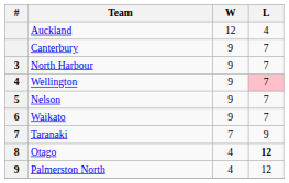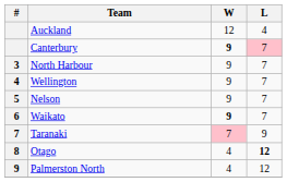 <table class="wikitable" width="32%" style="font-size:95%; text-align:center">
 <tr>
 <th>#</th>
 <th>Team</th>
 <th>W</th>
 <th>L</th>
 </tr>
 <tr>
 <th></th>
 <td align=left><a href='#'>Auckland</a></td>
 <td>12</td>
 <td>4</td>
 </tr>
 <tr>
 <th></th>
 <td align=left><a href='#'>Canterbury</a></td>
-<td>9</td>
-<td>7</td>
+<td><strong>9</strong></td>
+<td style="background: pink;">7</td>
 </tr>
 <tr>
 <th>3</th>
 <td align=left><a href='#'>North Harbour</a></td>
 <td>9</td>
 <td>7</td>
 </tr>
 <tr>
 <th>4</th>
 <td align=left><a href='#'>Wellington</a></td>
 <td>9</td>
-<td style="background: pink;">7</td>
+<td>7</td>
 </tr>
 <tr>
 <th>5</th>
 <td align=left><a href='#'>Nelson</a></td>
 <td>9</td>
 <td>7</td>
 </tr>
 <tr>
 <th>6</th>
 <td align=left><a href='#'>Waikato</a></td>
-<td>9</td>
+<td><strong>9</strong></td>
 <td>7</td>
 </tr>
 <tr>
 <th>7</th>
 <td align=left><a href='#'>Taranaki</a></td>
-<td>7</td>
+<td style="background: pink;">7</td>
 <td>9</td>
 </tr>
 <tr>
 <th>8</th>
 <td align=left><a href='#'>Otago</a></td>
 <td>4</td>
 <td><strong>12</strong></td>
 </tr>
 <tr>
 <th>9</th>
 <td align=left><a href='#'>Palmerston North</a></td>
 <td>4</td>
 <td>12</td>
 </tr>
 <tr>
 </tr>
 </table>
